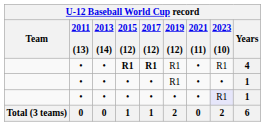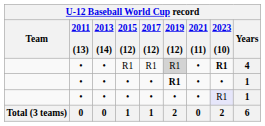 <table class="wikitable" style="text-align:center; font-size:85%;">
 <tr>
 <th colspan=32><a href='#'>U-12 Baseball World Cup</a> record</th>
 </tr>
 <tr>
 <th>Team</th>
 <th><a href='#'>2011</a><br><br>(13)</th>
 <th><a href='#'>2013</a><br><br>(14)</th>
 <th><a href='#'>2015</a><br><br>(12)</th>
 <th><a href='#'>2017</a><br><br>(12)</th>
 <th><a href='#'>2019</a><br><br>(12)</th>
 <th><a href='#'>2021</a><br><br>(11)</th>
 <th><a href='#'>2023</a><br><br>(10)</th>
 <th>Years</th>
 </tr>
 <tr>
 <td align=left></td>
 <td>•</td>
 <td>•</td>
+<td>R1<br></td>
+<td>R1<br></td>
+<td style="background: lightgrey;">R1<br></td>
+<td>•</td>
 <td><strong>R1<br></strong></td>
-<td><strong>R1<br></strong></td>
-<td>R1<br></td>
-<td>•</td>
-<td>R1<br></td>
 <th>4</th>
 </tr>
 <tr>
 <td align=left></td>
 <td>•</td>
 <td>•</td>
 <td>•</td>
 <td>•</td>
-<td>R1<br></td>
+<td><strong>R1<br></strong></td>
 <td>•</td>
 <td>•</td>
 <th>1</th>
 </tr>
 <tr>
 <td align=left></td>
 <td>•</td>
 <td>•</td>
 <td>•</td>
 <td>•</td>
 <td>•</td>
 <td>•</td>
 <td style="background: lavender;">R1<br></td>
 <th>1</th>
 </tr>
 <tr>
 <th>Total (3 teams)</th>
 <th>0</th>
 <th>0</th>
 <th>1</th>
 <th>1</th>
 <th>2</th>
 <th>0</th>
 <th>2</th>
 <th>6</th>
 </tr>
 </table>
